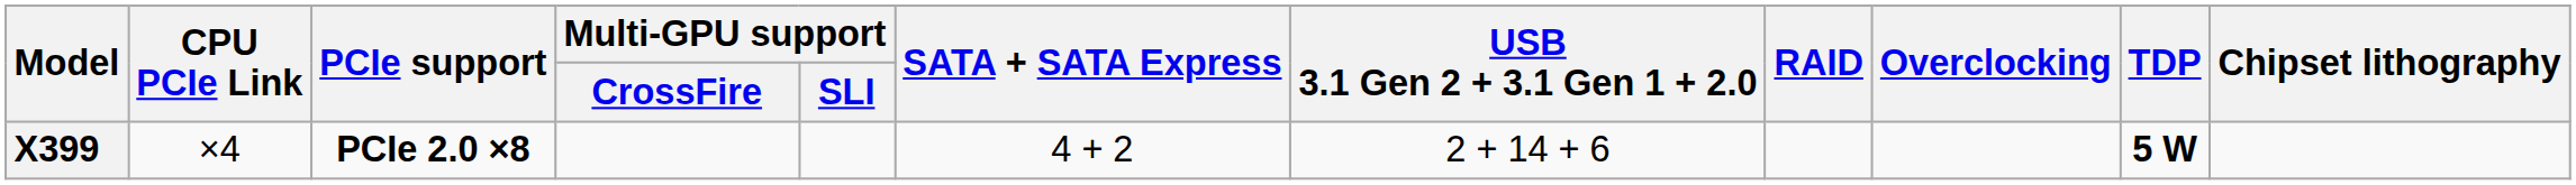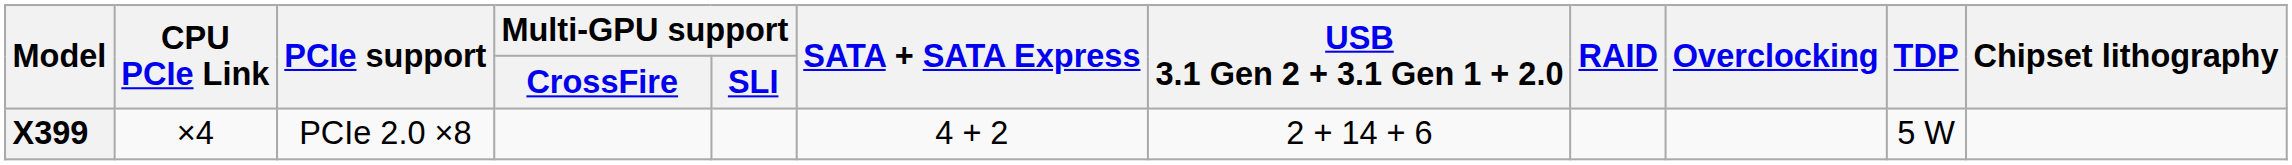 <table class="wikitable" style="text-align: center">
 <tr>
 <th rowspan=2>Model</th>
 <th rowspan=2>CPU<br><a href='#'>PCIe</a> Link</th>
 <th rowspan="2"><a href='#'>PCIe</a> support</th>
 <th colspan="2">Multi-GPU support</th>
 <th rowspan=2><a href='#'>SATA</a> + <a href='#'>SATA Express</a></th>
 <th rowspan=2><a href='#'>USB</a><br>3.1 Gen 2 + 3.1 Gen 1 + 2.0</th>
 <th rowspan=2><a href='#'>RAID</a></th>
 <th rowspan=2><a href='#'>Overclocking</a></th>
 <th rowspan=2><a href='#'>TDP</a></th>
 <th rowspan=2>Chipset lithography</th>
 </tr>
 <tr>
 <th><a href='#'>CrossFire</a></th>
 <th><a href='#'>SLI</a></th>
 </tr>
 <tr>
 <th style="text-align: left">X399</th>
 <td>×4</td>
-<td><strong>PCIe 2.0 ×8</strong></td>
+<td>PCIe 2.0 ×8</td>
 <td></td>
 <td></td>
 <td>4 + 2</td>
 <td>2 + 14 + 6</td>
 <td></td>
 <td></td>
-<td><strong>5 W</strong></td>
+<td>5 W</td>
 <td></td>
 </tr>
 </table>
